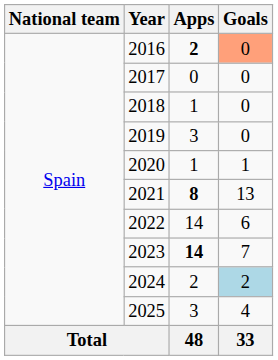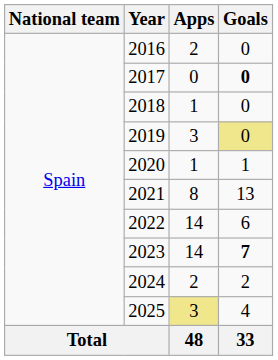 <table class="wikitable" style="text-align:center">
 <tr>
 <th>National team</th>
 <th>Year</th>
 <th>Apps</th>
 <th>Goals</th>
 </tr>
 <tr>
 <td rowspan="10"><a href='#'>Spain</a></td>
 <td>2016</td>
-<td><strong>2</strong></td>
-<td style="background: lightsalmon;">0</td>
+<td>2</td>
+<td>0</td>
 </tr>
 <tr>
 <td>2017</td>
 <td>0</td>
-<td>0</td>
+<td><strong>0</strong></td>
 </tr>
 <tr>
 <td>2018</td>
 <td>1</td>
 <td>0</td>
 </tr>
 <tr>
 <td>2019</td>
 <td>3</td>
-<td>0</td>
+<td style="background: khaki;">0</td>
 </tr>
 <tr>
 <td>2020</td>
 <td>1</td>
 <td>1</td>
 </tr>
 <tr>
 <td>2021</td>
-<td><strong>8</strong></td>
+<td>8</td>
 <td>13</td>
 </tr>
 <tr>
 <td>2022</td>
 <td>14</td>
 <td>6</td>
 </tr>
 <tr>
 <td>2023</td>
-<td><strong>14</strong></td>
-<td>7</td>
+<td>14</td>
+<td><strong>7</strong></td>
 </tr>
 <tr>
 <td>2024</td>
 <td>2</td>
-<td style="background: lightblue;">2</td>
+<td>2</td>
 </tr>
 <tr>
 <td>2025</td>
-<td>3</td>
+<td style="background: khaki;">3</td>
 <td>4</td>
 </tr>
 <tr>
 <th colspan="2">Total</th>
 <th>48</th>
 <th>33</th>
 </tr>
 </table>
